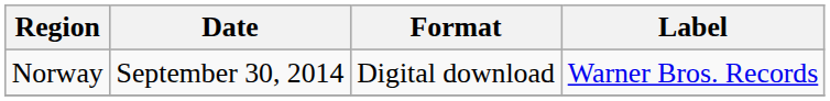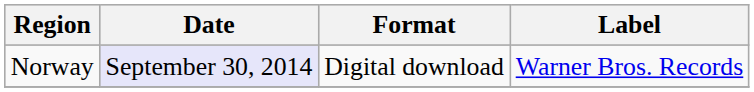 <table class=wikitable>
 <tr>
 <th>Region</th>
 <th>Date</th>
 <th>Format</th>
 <th>Label</th>
 </tr>
 <tr>
 <td>Norway</td>
-<td>September 30, 2014</td>
+<td style="background: lavender;">September 30, 2014</td>
 <td>Digital download</td>
 <td><a href='#'>Warner Bros. Records</a></td>
 </tr>
 <tr>
 </tr>
 </table>
